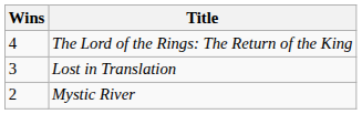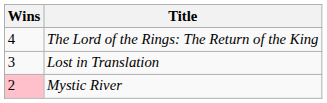 <table class="wikitable">
 <tr>
 <th>Wins</th>
 <th>Title</th>
 </tr>
 <tr>
 <td>4</td>
 <td><em>The Lord of the Rings: The Return of the King</em></td>
 </tr>
 <tr>
 <td>3</td>
 <td><em>Lost in Translation</em></td>
 </tr>
 <tr>
-<td>2</td>
+<td style="background: pink;">2</td>
 <td><em>Mystic River</em></td>
 </tr>
 </table>
